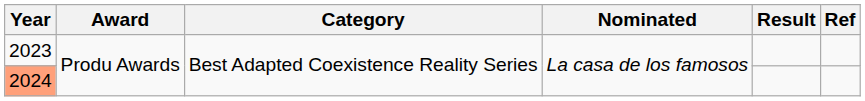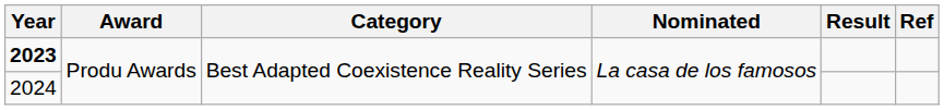 <table class="wikitable plainrowheaders">
 <tr>
 <th scope="col">Year</th>
 <th scope="col">Award</th>
 <th scope="col">Category</th>
 <th scope="col">Nominated</th>
 <th scope="col">Result</th>
 <th scope="col">Ref</th>
 </tr>
 <tr>
-<td>2023</td>
+<td><strong>2023</strong></td>
 <td rowspan=2>Produ Awards</td>
 <td rowspan=2>Best Adapted Coexistence Reality Series</td>
 <td rowspan=2><em>La casa de los famosos</em></td>
 <td></td>
 <td align="center"></td>
 </tr>
 <tr>
-<td style="background: lightsalmon;">2024</td>
+<td>2024</td>
 <td></td>
 <td align="center"></td>
 </tr>
 </table>
